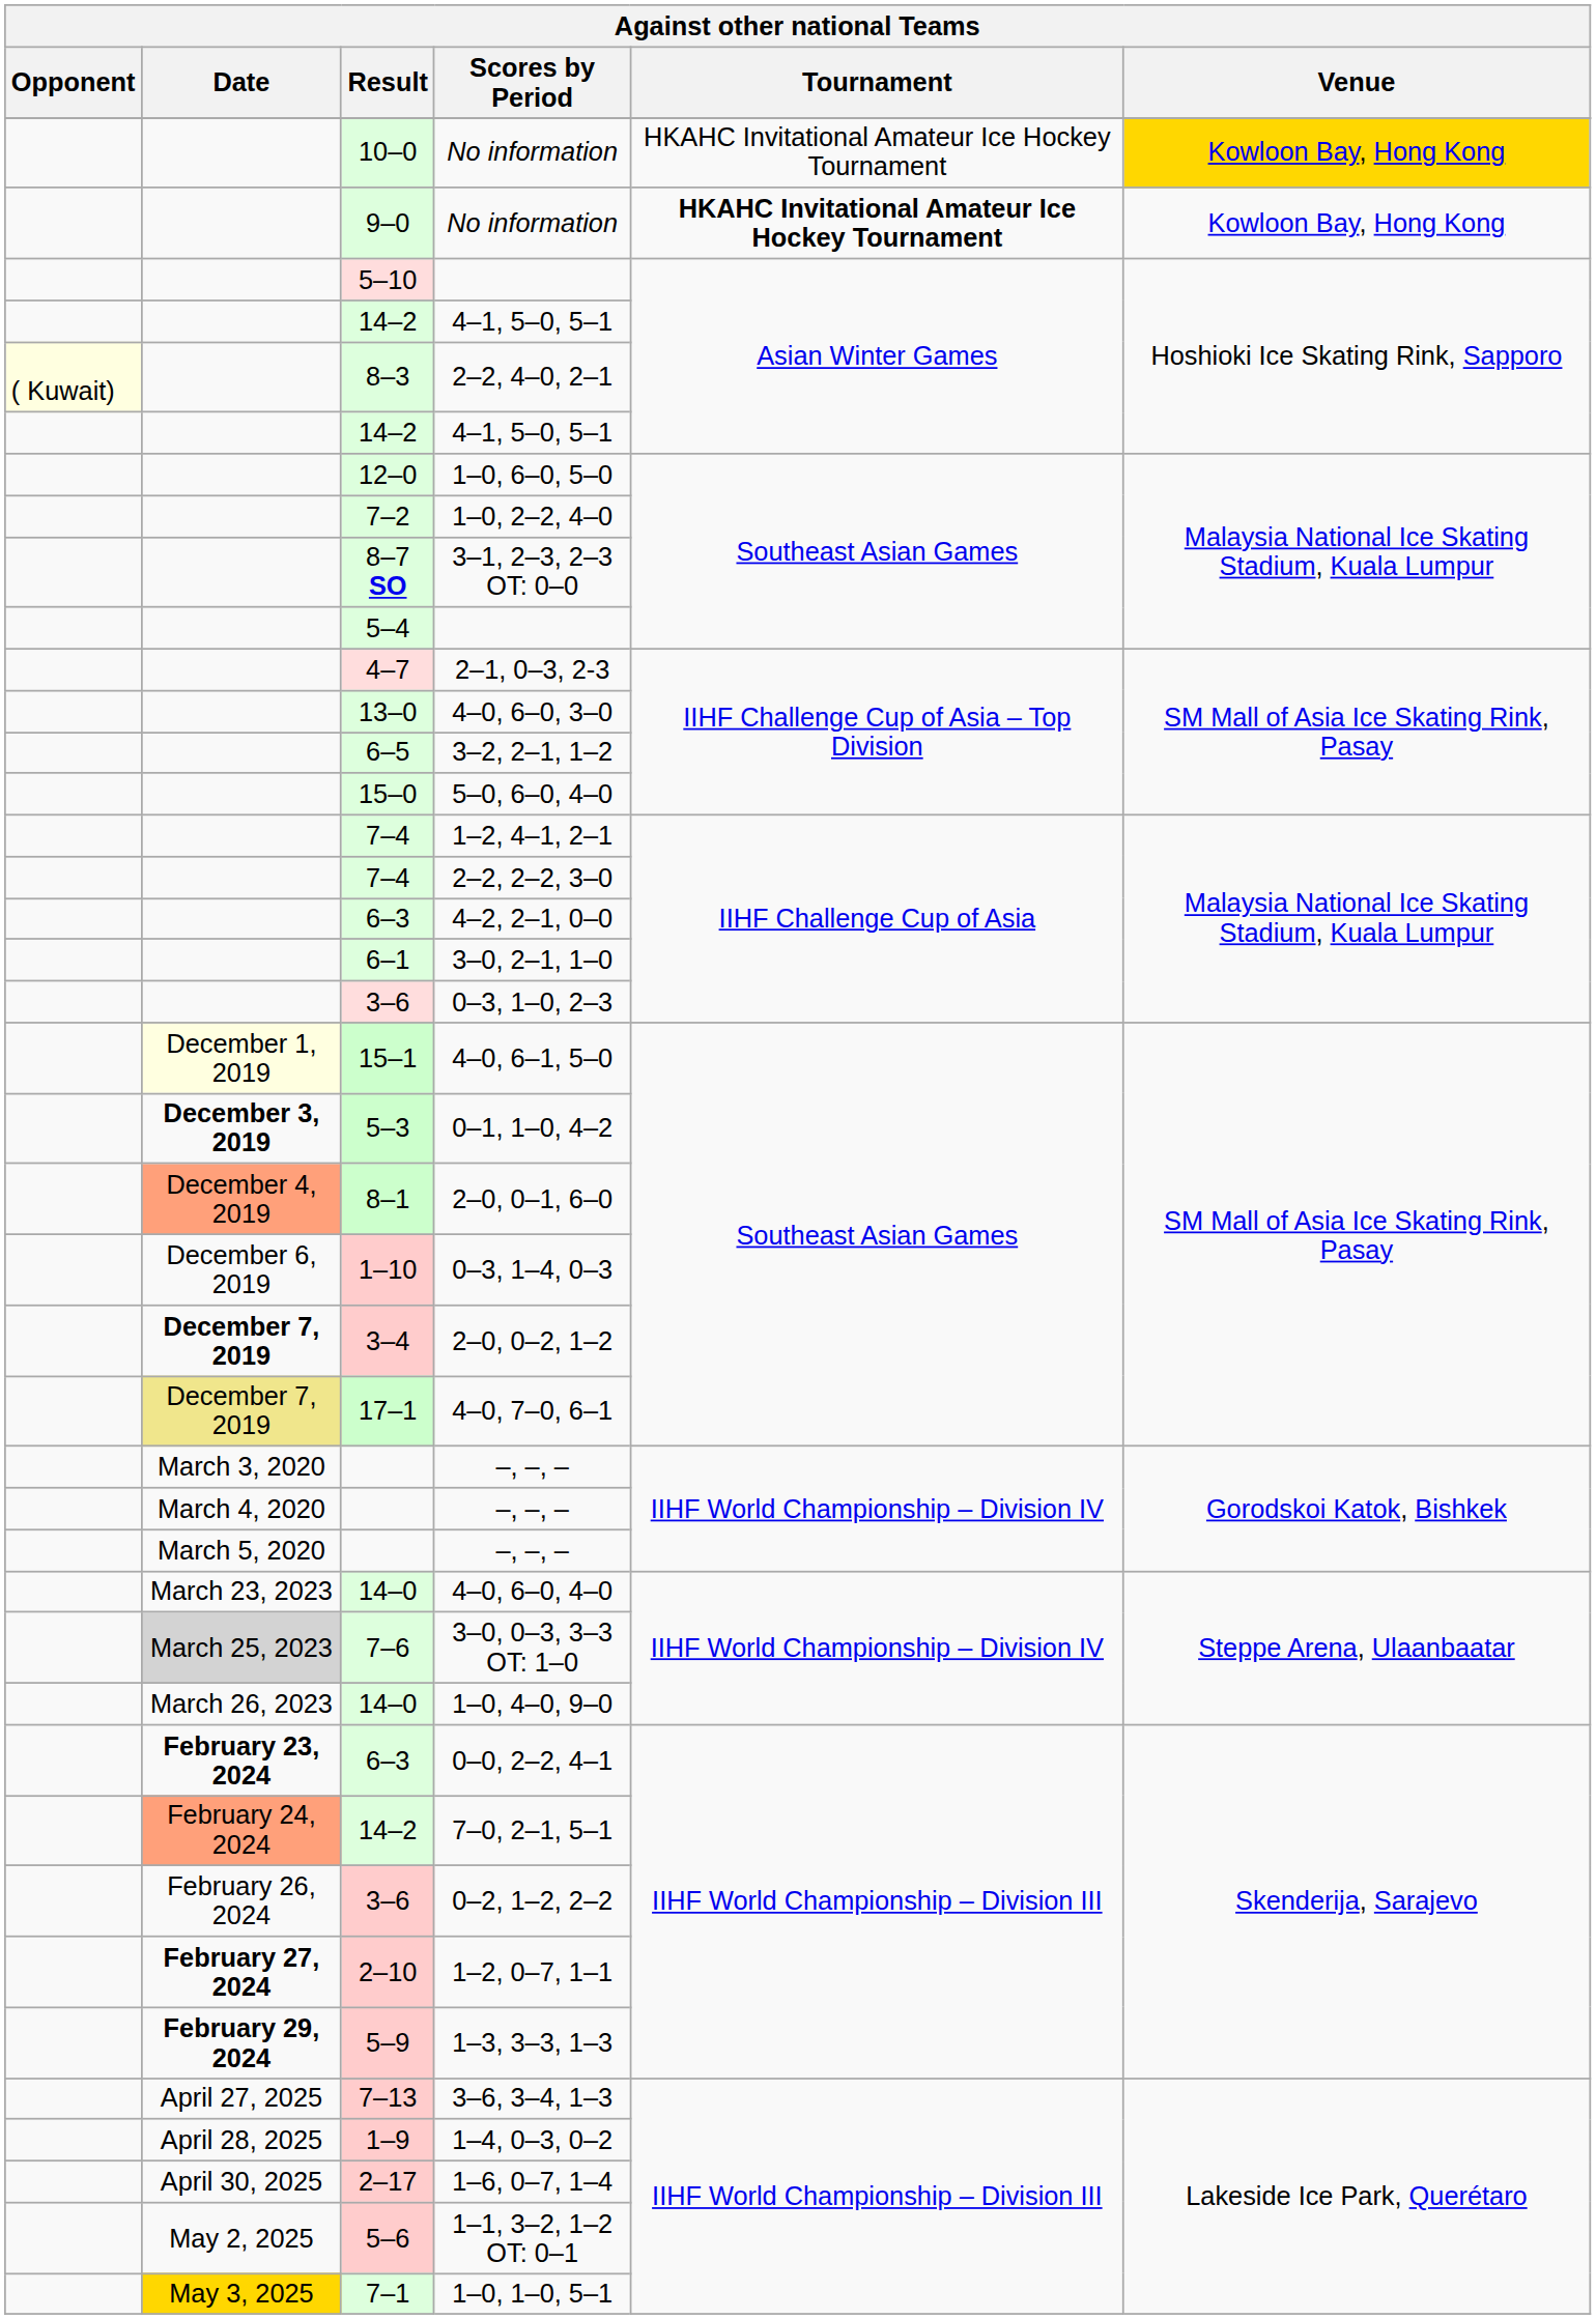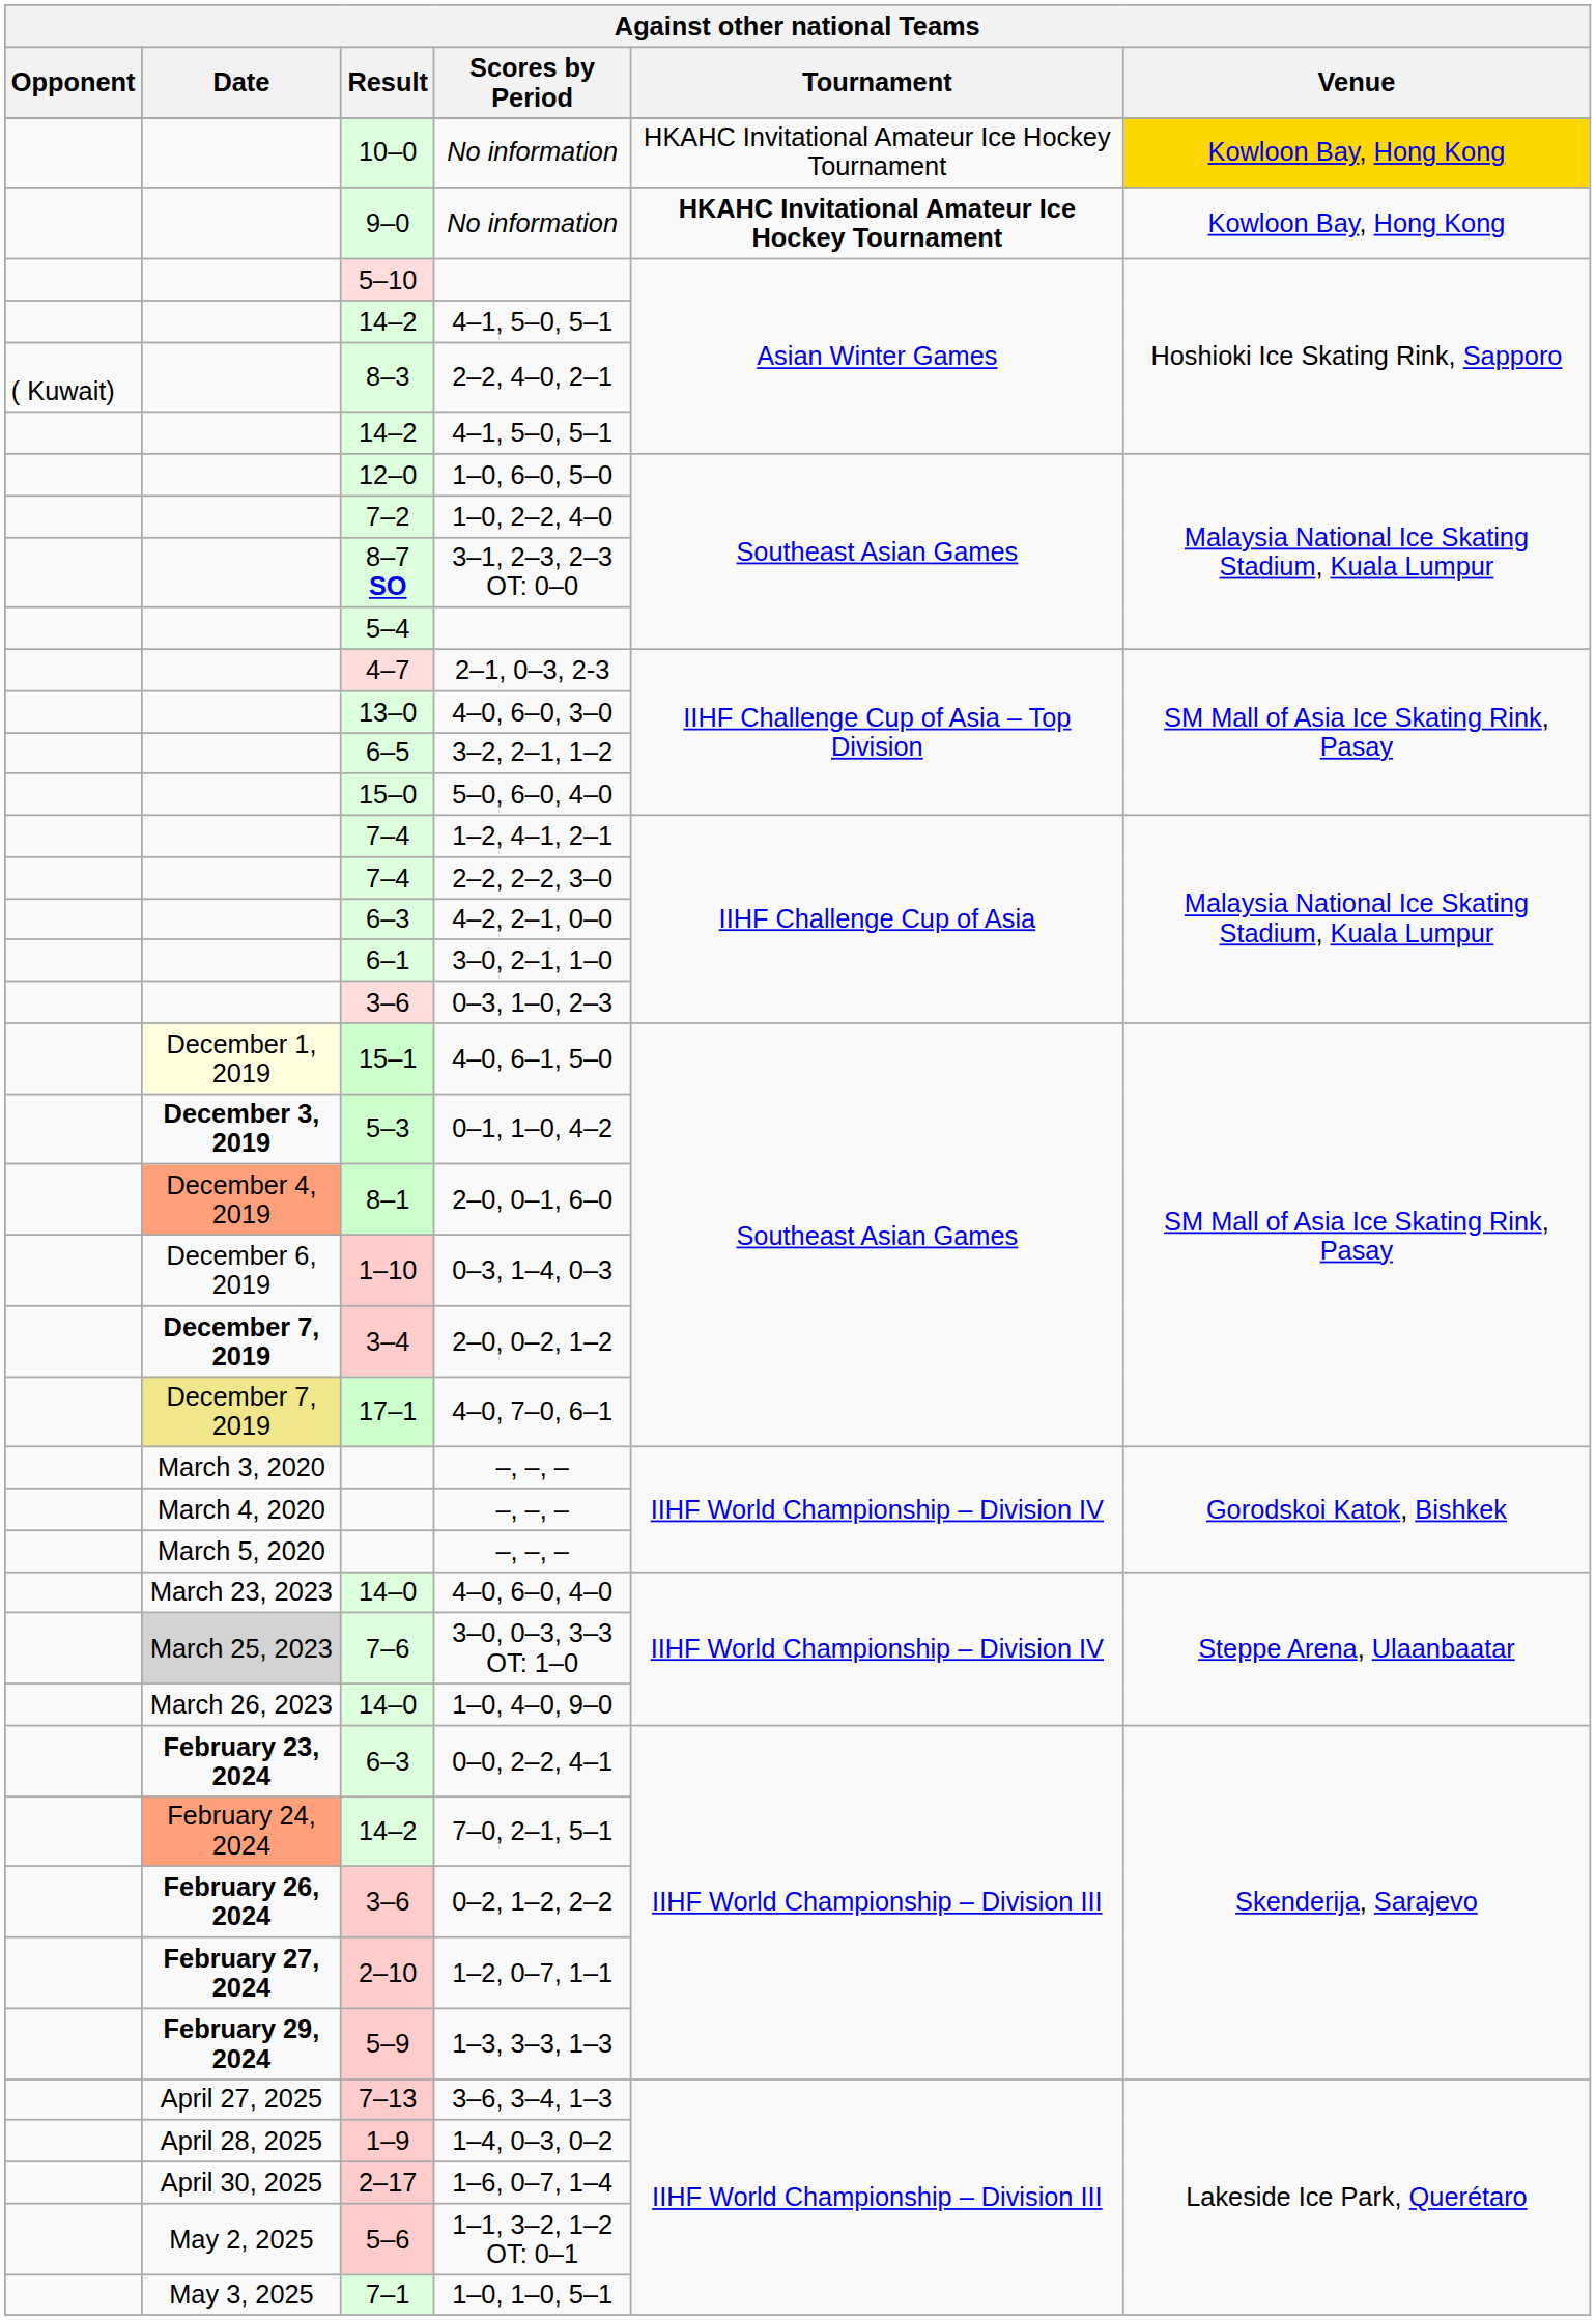 <table class="wikitable collapsible" style="font-size: 90%">
 <tr>
 <th colspan="12">Against other national Teams</th>
 </tr>
 <tr>
 <th>Opponent</th>
 <th>Date</th>
 <th>Result</th>
 <th>Scores by Period</th>
 <th>Tournament</th>
 <th>Venue</th>
 </tr>
 <tr>
 </tr>
 <tr style="text-align:center;">
 <td style="text-align:left;"></td>
 <td></td>
 <td style="background:#ddffdd;">10–0</td>
 <td><em>No information</em></td>
 <td>HKAHC Invitational Amateur Ice Hockey Tournament</td>
 <td style="background: gold;"><a href='#'>Kowloon Bay</a>, <a href='#'>Hong Kong</a></td>
 </tr>
 <tr style="text-align:center;">
 <td style="text-align:left;"></td>
 <td></td>
 <td style="background:#ddffdd;">9–0</td>
 <td><em>No information</em></td>
 <td><strong>HKAHC Invitational Amateur Ice Hockey Tournament</strong></td>
 <td><a href='#'>Kowloon Bay</a>, <a href='#'>Hong Kong</a></td>
 </tr>
 <tr style="text-align:center;">
 <td style="text-align:left;"></td>
 <td></td>
 <td style="background:#ffdddd;">5–10</td>
 <td></td>
 <td rowspan=4><a href='#'>Asian Winter Games</a></td>
 <td rowspan=4>Hoshioki Ice Skating Rink, <a href='#'>Sapporo</a></td>
 </tr>
 <tr style="text-align:center;">
 <td style="text-align:left;"></td>
 <td></td>
 <td style="background:#ddffdd;">14–2</td>
 <td>4–1, 5–0, 5–1</td>
 </tr>
 <tr style="text-align:center;">
-<td style="background: lightyellow; text-align:left;"><br>( Kuwait)</td>
+<td style="text-align:left;"><br>( Kuwait)</td>
 <td></td>
 <td style="background:#ddffdd;">8–3</td>
 <td>2–2, 4–0, 2–1</td>
 </tr>
 <tr style="text-align:center;">
 <td style="text-align:left;"></td>
 <td></td>
 <td style="background:#ddffdd;">14–2</td>
 <td>4–1, 5–0, 5–1</td>
 </tr>
 <tr style="text-align:center;">
 <td style="text-align:left;"></td>
 <td></td>
 <td style="background:#ddffdd;">12–0</td>
 <td>1–0, 6–0, 5–0</td>
 <td rowspan=4><a href='#'>Southeast Asian Games</a></td>
 <td rowspan=4><a href='#'>Malaysia National Ice Skating Stadium</a>, <a href='#'>Kuala Lumpur</a></td>
 </tr>
 <tr style="text-align:center;">
 <td style="text-align:left;"></td>
 <td></td>
 <td style="background:#ddffdd;">7–2</td>
 <td>1–0, 2–2, 4–0</td>
 </tr>
 <tr style="text-align:center;">
 <td style="text-align:left;"></td>
 <td></td>
 <td style="background:#ddffdd;">8–7<br><strong><a href='#'>SO</a></strong></td>
 <td>3–1, 2–3, 2–3<br>OT: 0–0</td>
 </tr>
 <tr style="text-align:center;">
 <td style="text-align:left;"></td>
 <td></td>
 <td style="background:#ddffdd;">5–4</td>
 <td></td>
 </tr>
 <tr style="text-align:center;">
 <td style="text-align:left;"></td>
 <td></td>
 <td style="background:#ffdddd;">4–7</td>
 <td>2–1, 0–3, 2-3</td>
 <td rowspan=4><a href='#'>IIHF Challenge Cup of Asia – Top Division</a></td>
 <td rowspan=4><a href='#'>SM Mall of Asia Ice Skating Rink</a>, <a href='#'>Pasay</a></td>
 </tr>
 <tr style="text-align:center;">
 <td style="text-align:left;"></td>
 <td></td>
 <td style="background:#ddffdd;">13–0</td>
 <td>4–0, 6–0, 3–0</td>
 </tr>
 <tr style="text-align:center;">
 <td style="text-align:left;"></td>
 <td></td>
 <td style="background:#ddffdd;">6–5</td>
 <td>3–2, 2–1, 1–2</td>
 </tr>
 <tr style="text-align:center;">
 <td style="text-align:left;"></td>
 <td></td>
 <td style="background:#ddffdd;">15–0</td>
 <td>5–0, 6–0, 4–0</td>
 </tr>
 <tr style="text-align:center;">
 <td style="text-align:left;"></td>
 <td></td>
 <td style="background:#ddffdd;">7–4</td>
 <td>1–2, 4–1, 2–1</td>
 <td rowspan=5><a href='#'>IIHF Challenge Cup of Asia</a></td>
 <td rowspan=5><a href='#'>Malaysia National Ice Skating Stadium</a>, <a href='#'>Kuala Lumpur</a></td>
 </tr>
 <tr style="text-align:center;">
 <td style="text-align:left;"></td>
 <td></td>
 <td style="background:#ddffdd;">7–4</td>
 <td>2–2, 2–2, 3–0</td>
 </tr>
 <tr style="text-align:center;">
 <td style="text-align:left;"></td>
 <td></td>
 <td style="background:#ddffdd;">6–3</td>
 <td>4–2, 2–1, 0–0</td>
 </tr>
 <tr style="text-align:center;">
 <td style="text-align:left;"></td>
 <td></td>
 <td style="background:#ddffdd;">6–1</td>
 <td>3–0, 2–1, 1–0</td>
 </tr>
 <tr style="text-align:center;">
 <td style="text-align:left;"></td>
 <td></td>
 <td style="background:#ffdddd;">3–6</td>
 <td>0–3, 1–0, 2–3</td>
 </tr>
 <tr style="text-align:center;">
 <td align=left></td>
 <td class="nowrap" style="background: lightyellow;">December 1, 2019</td>
 <td bgcolor="#ccffcc">15–1</td>
 <td class="nowrap">4–0, 6–1, 5–0</td>
 <td rowspan="6"><a href='#'>Southeast Asian Games</a></td>
 <td rowspan="6"><a href='#'>SM Mall of Asia Ice Skating Rink</a>, <a href='#'>Pasay</a></td>
 </tr>
 <tr style="text-align:center;">
 <td align=left></td>
 <td class="nowrap"><strong>December 3, 2019</strong></td>
 <td bgcolor="#ccffcc">5–3</td>
 <td class="nowrap">0–1, 1–0, 4–2</td>
 </tr>
 <tr style="text-align:center;">
 <td align=left></td>
 <td class="nowrap" style="background: lightsalmon;">December 4, 2019</td>
 <td bgcolor="#ccffcc">8–1</td>
 <td class="nowrap">2–0, 0–1, 6–0</td>
 </tr>
 <tr style="text-align:center;">
 <td align=left></td>
 <td class="nowrap">December 6, 2019</td>
 <td bgcolor="#ffcccc">1–10</td>
 <td class="nowrap">0–3, 1–4, 0–3</td>
 </tr>
 <tr style="text-align:center;">
 <td align=left></td>
 <td class="nowrap"><strong>December 7, 2019</strong></td>
 <td bgcolor="#ffcccc">3–4</td>
 <td class="nowrap">2–0, 0–2, 1–2</td>
 </tr>
 <tr style="text-align:center;">
 <td align=left></td>
 <td class="nowrap" style="background: khaki;">December 7, 2019</td>
 <td bgcolor="#ccffcc">17–1</td>
 <td class="nowrap">4–0, 7–0, 6–1</td>
 </tr>
 <tr style="text-align:center;">
 <td align=left></td>
 <td class="nowrap">March 3, 2020</td>
 <td></td>
 <td class="nowrap">–, –, –</td>
 <td rowspan="3"><a href='#'>IIHF World Championship – Division IV</a></td>
 <td rowspan="3"><a href='#'>Gorodskoi Katok</a>, <a href='#'>Bishkek</a></td>
 </tr>
 <tr style="text-align:center;">
 <td align=left></td>
 <td class="nowrap">March 4, 2020</td>
 <td></td>
 <td class="nowrap">–, –, –</td>
 </tr>
 <tr style="text-align:center;">
 <td align=left></td>
 <td class="nowrap">March 5, 2020</td>
 <td></td>
 <td class="nowrap">–, –, –</td>
 </tr>
 <tr style="text-align:center;">
 <td align=left></td>
 <td class="nowrap">March 23, 2023</td>
 <td style="background:#ddffdd;">14–0</td>
 <td class="nowrap">4–0, 6–0, 4–0</td>
 <td rowspan="3"><a href='#'>IIHF World Championship – Division IV</a></td>
 <td rowspan="3"><a href='#'>Steppe Arena</a>, <a href='#'>Ulaanbaatar</a></td>
 </tr>
 <tr style="text-align:center;">
 <td align=left></td>
 <td class="nowrap" style="background: lightgrey;">March 25, 2023</td>
 <td style="background:#ddffdd;">7–6</td>
 <td class="nowrap">3–0, 0–3, 3–3<br>OT: 1–0</td>
 </tr>
 <tr style="text-align:center;">
 <td align=left></td>
 <td class="nowrap">March 26, 2023</td>
 <td style="background:#ddffdd;">14–0</td>
 <td class="nowrap">1–0, 4–0, 9–0</td>
 </tr>
 <tr style="text-align:center;">
 <td align=left></td>
 <td class="nowrap"><strong>February 23, 2024</strong></td>
 <td style="background:#ddffdd;">6–3</td>
 <td class="nowrap">0–0, 2–2, 4–1</td>
 <td rowspan="5"><a href='#'>IIHF World Championship – Division III</a></td>
 <td rowspan="5"><a href='#'>Skenderija</a>, <a href='#'>Sarajevo</a></td>
 </tr>
 <tr style="text-align:center;">
 <td align=left></td>
 <td class="nowrap" style="background: lightsalmon;">February 24, 2024</td>
 <td style="background:#ddffdd;">14–2</td>
 <td class="nowrap">7–0, 2–1, 5–1</td>
 </tr>
 <tr style="text-align:center;">
 <td align=left></td>
-<td class="nowrap">February 26, 2024</td>
+<td class="nowrap"><strong>February 26, 2024</strong></td>
 <td bgcolor="#ffcccc">3–6</td>
 <td class="nowrap">0–2, 1–2, 2–2</td>
 </tr>
 <tr style="text-align:center;">
 <td align=left></td>
 <td class="nowrap"><strong>February 27, 2024</strong></td>
 <td bgcolor="#ffcccc">2–10</td>
 <td class="nowrap">1–2, 0–7, 1–1</td>
 </tr>
 <tr style="text-align:center;">
 <td align=left></td>
 <td class="nowrap"><strong>February 29, 2024</strong></td>
 <td bgcolor="#ffcccc">5–9</td>
 <td class="nowrap">1–3, 3–3, 1–3<br></td>
 </tr>
 <tr style="text-align:center;">
 <td align=left></td>
 <td class="nowrap">April 27, 2025</td>
 <td style="background:#ffcccc;">7–13</td>
 <td class="nowrap">3–6, 3–4, 1–3</td>
 <td rowspan="5"><a href='#'>IIHF World Championship – Division III</a></td>
 <td rowspan="5">Lakeside Ice Park, <a href='#'>Querétaro</a></td>
 </tr>
 <tr style="text-align:center;">
 <td align=left></td>
 <td class="nowrap">April 28, 2025</td>
 <td style="background:#ffcccc;">1–9</td>
 <td class="nowrap">1–4, 0–3, 0–2</td>
 </tr>
 <tr style="text-align:center;">
 <td align=left></td>
 <td class="nowrap">April 30, 2025</td>
 <td style="background:#ffcccc;">2–17</td>
 <td class="nowrap">1–6, 0–7, 1–4</td>
 </tr>
 <tr style="text-align:center;">
 <td align=left></td>
 <td class="nowrap">May 2, 2025</td>
 <td style="background:#ffcccc;">5–6</td>
 <td class="nowrap">1–1, 3–2, 1–2<br>OT: 0–1</td>
 </tr>
 <tr style="text-align:center;">
 <td align=left></td>
-<td class="nowrap" style="background: gold;">May 3, 2025</td>
+<td class="nowrap">May 3, 2025</td>
 <td style="background:#ddffdd;">7–1</td>
 <td class="nowrap">1–0, 1–0, 5–1</td>
 </tr>
 </table>
